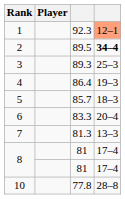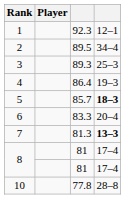 <table class=wikitable style="text-align:center">
 <tr>
 <th>Rank</th>
 <th>Player</th>
 <th></th>
 <th></th>
 </tr>
 <tr>
 <td>1</td>
 <td align=left></td>
 <td>92.3</td>
-<td style="background: lightsalmon;">12–1</td>
+<td>12–1</td>
 </tr>
 <tr>
 <td>2</td>
 <td align=left></td>
 <td>89.5</td>
-<td><strong>34–4</strong></td>
+<td>34–4</td>
 </tr>
 <tr>
 <td>3</td>
 <td align=left></td>
 <td>89.3</td>
 <td>25–3</td>
 </tr>
 <tr>
 <td>4</td>
 <td align=left></td>
 <td>86.4</td>
 <td>19–3</td>
 </tr>
 <tr>
 <td>5</td>
 <td align=left></td>
 <td>85.7</td>
-<td>18–3</td>
+<td><strong>18–3</strong></td>
 </tr>
 <tr>
 <td>6</td>
 <td align=left></td>
 <td>83.3</td>
 <td>20–4</td>
 </tr>
 <tr>
 <td>7</td>
 <td align=left></td>
 <td>81.3</td>
-<td>13–3</td>
+<td><strong>13–3</strong></td>
 </tr>
 <tr>
 <td rowspan=2>8</td>
 <td align=left></td>
 <td>81</td>
 <td>17–4</td>
 </tr>
 <tr>
 <td align=left></td>
 <td>81</td>
 <td>17–4</td>
 </tr>
 <tr>
 <td>10</td>
 <td align=left></td>
 <td>77.8</td>
 <td>28–8</td>
 </tr>
 </table>
